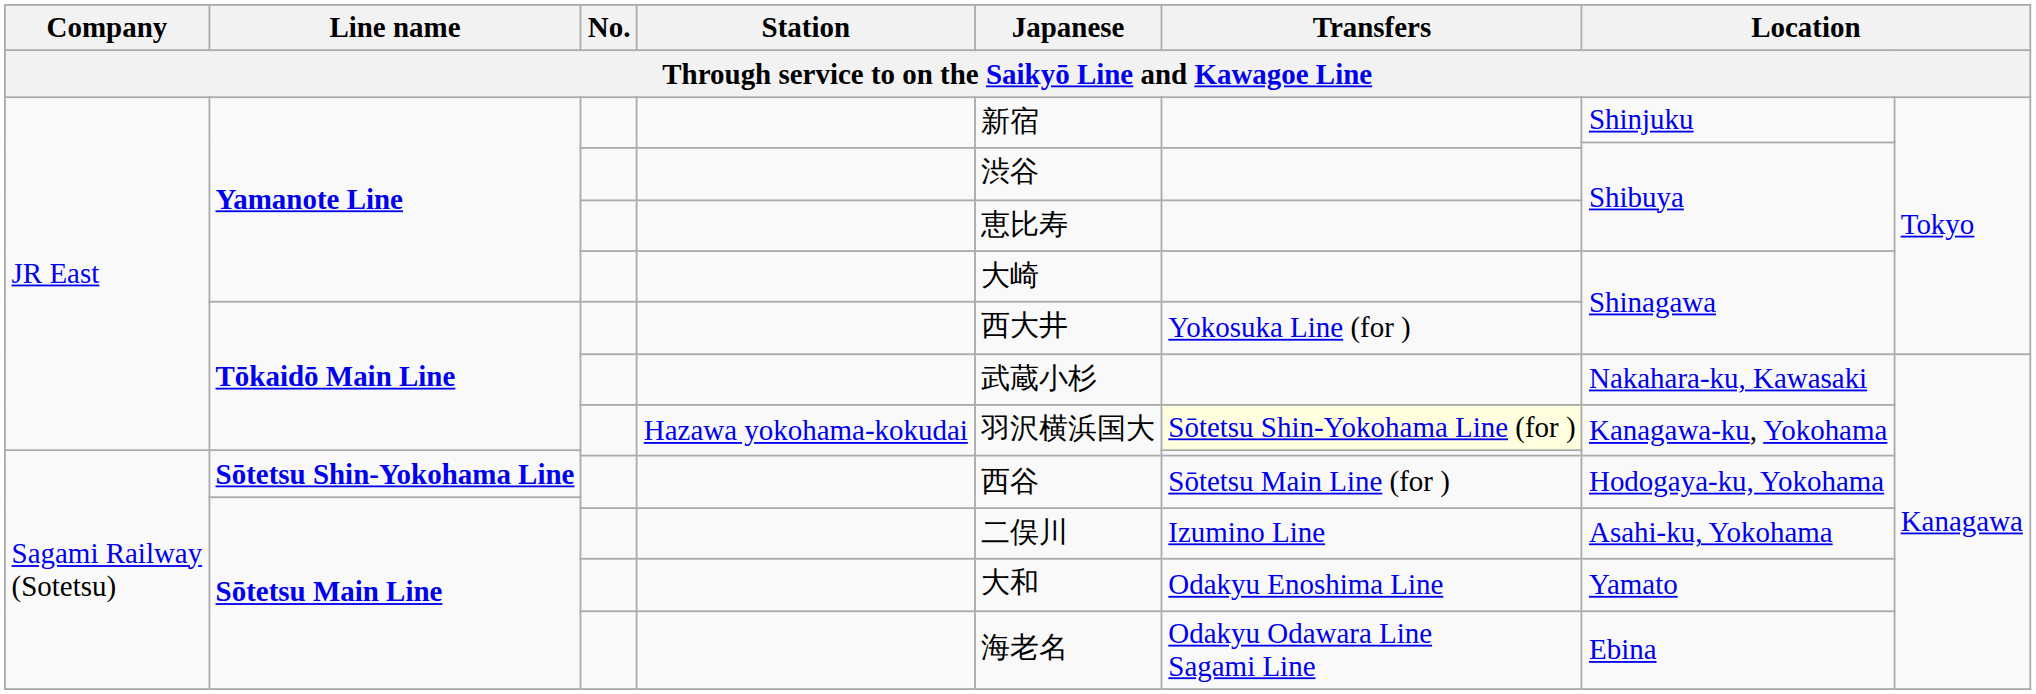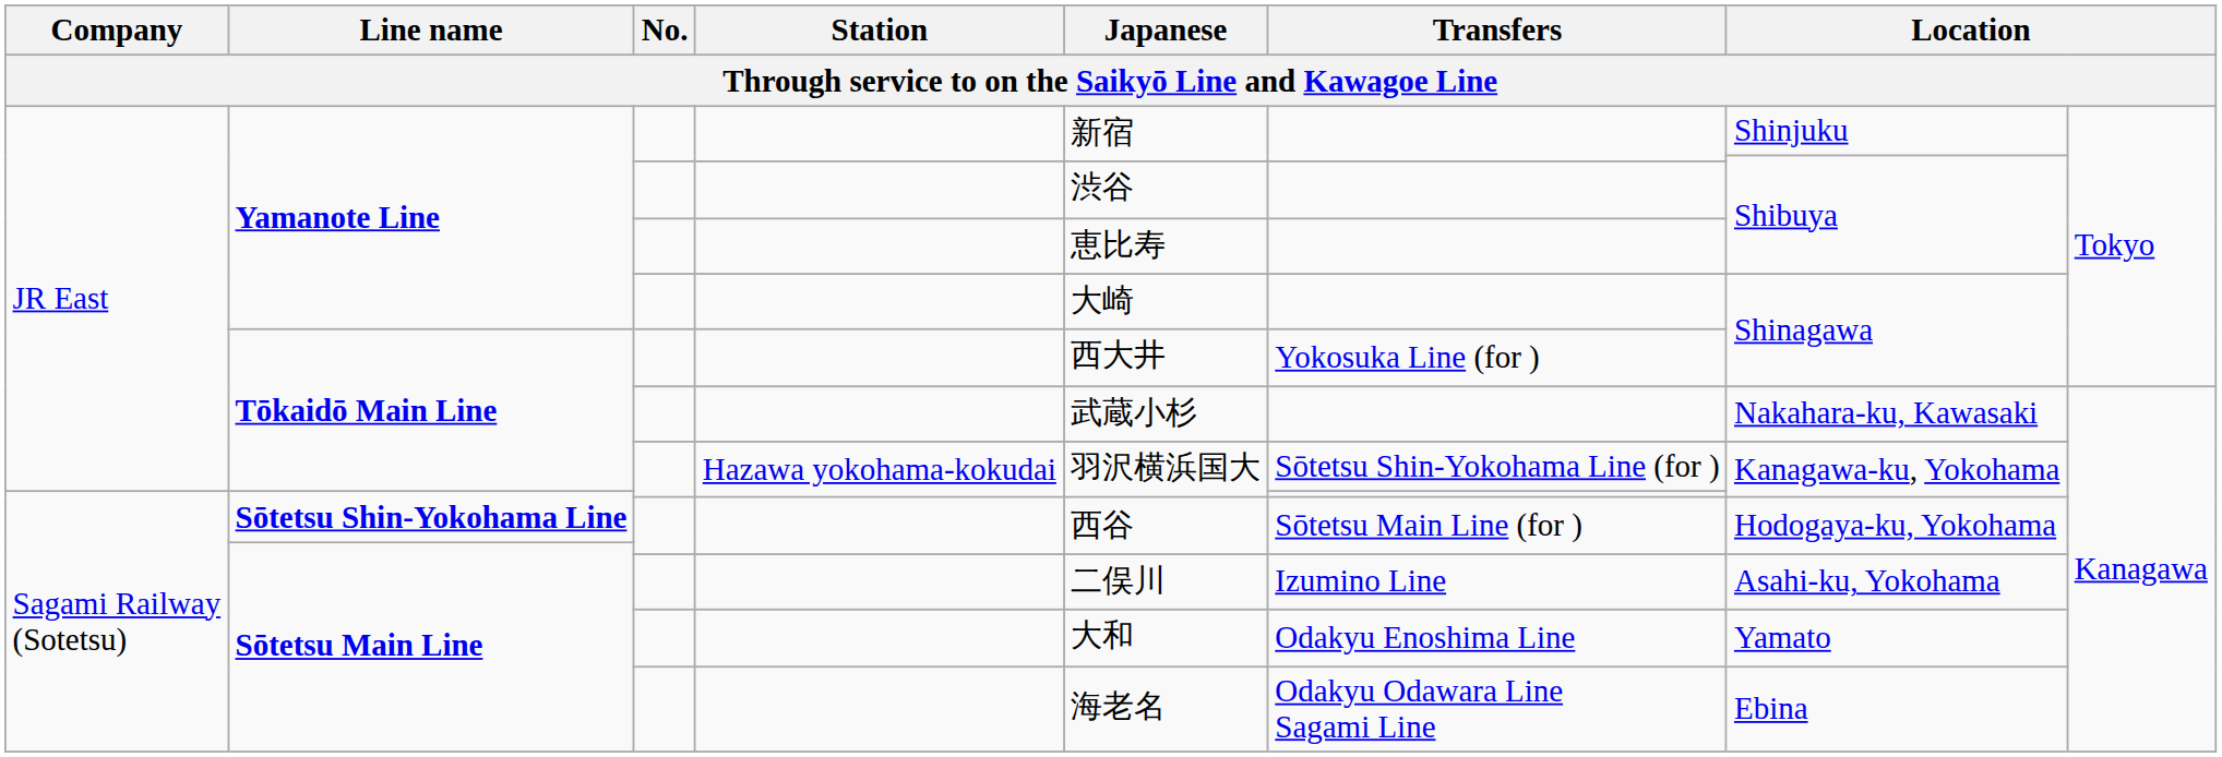 <table class="wikitable" rules="all">
 <tr>
 <th>Company</th>
 <th>Line name</th>
 <th>No.</th>
 <th>Station</th>
 <th>Japanese</th>
 <th>Transfers</th>
 <th colspan="2">Location</th>
 </tr>
 <tr>
 <th colspan="8">Through service to  on the <a href='#'>Saikyō Line</a> and <a href='#'>Kawagoe Line</a></th>
 </tr>
 <tr>
 <td rowspan="8"><a href='#'>JR East</a></td>
 <td rowspan="5"><strong><a href='#'>Yamanote Line</a></strong></td>
 <td rowspan="2"></td>
 <td rowspan="2"></td>
 <td rowspan="2">新宿</td>
 <td rowspan="2"></td>
 <td><a href='#'>Shinjuku</a></td>
 <td rowspan="6"><a href='#'>Tokyo</a></td>
 </tr>
 <tr>
 <td rowspan="3"><a href='#'>Shibuya</a></td>
 </tr>
 <tr>
 <td></td>
 <td></td>
 <td>渋谷</td>
 <td></td>
 </tr>
 <tr>
 <td></td>
 <td></td>
 <td>恵比寿</td>
 <td></td>
 </tr>
 <tr>
 <td></td>
 <td></td>
 <td>大崎</td>
 <td></td>
 <td rowspan="2"><a href='#'>Shinagawa</a></td>
 </tr>
 <tr>
 <td rowspan="3"><strong><a href='#'>Tōkaidō Main Line</a></strong></td>
 <td></td>
 <td></td>
 <td>西大井</td>
 <td> <a href='#'>Yokosuka Line</a> (for )</td>
 </tr>
 <tr>
 <td></td>
 <td></td>
 <td>武蔵小杉</td>
 <td></td>
 <td><a href='#'>Nakahara-ku, Kawasaki</a></td>
 <td rowspan="8"><a href='#'>Kanagawa</a></td>
 </tr>
 <tr>
 <td rowspan="2"></td>
 <td rowspan="2"><a href='#'>Hazawa yokohama-kokudai</a></td>
 <td rowspan="2">羽沢横浜国大</td>
-<td style="background: lightyellow;"><a href='#'>Sōtetsu Shin-Yokohama Line</a> (for )</td>
+<td><a href='#'>Sōtetsu Shin-Yokohama Line</a> (for )</td>
 <td rowspan="2"><a href='#'>Kanagawa-ku</a>, <a href='#'>Yokohama</a></td>
 </tr>
 <tr>
 <td rowspan="6"><a href='#'>Sagami Railway</a><br>(Sotetsu)</td>
 <td rowspan="2"><strong><a href='#'>Sōtetsu Shin-Yokohama Line</a></strong></td>
 </tr>
 <tr>
 <td rowspan="2"></td>
 <td rowspan="2"></td>
 <td rowspan="2">西谷</td>
 <td rowspan="2"><a href='#'>Sōtetsu Main Line</a> (for )</td>
 <td rowspan="2"><a href='#'>Hodogaya-ku, Yokohama</a></td>
 </tr>
 <tr>
 <td rowspan="4"><strong><a href='#'>Sōtetsu Main Line</a></strong></td>
 </tr>
 <tr>
 <td></td>
 <td></td>
 <td>二俣川</td>
 <td><a href='#'>Izumino Line</a></td>
 <td><a href='#'>Asahi-ku, Yokohama</a></td>
 </tr>
 <tr>
 <td></td>
 <td></td>
 <td>大和</td>
 <td> <a href='#'>Odakyu Enoshima Line</a></td>
 <td><a href='#'>Yamato</a></td>
 </tr>
 <tr>
 <td></td>
 <td></td>
 <td>海老名</td>
 <td> <a href='#'>Odakyu Odawara Line</a><br><a href='#'>Sagami Line</a></td>
 <td><a href='#'>Ebina</a></td>
 </tr>
 </table>
